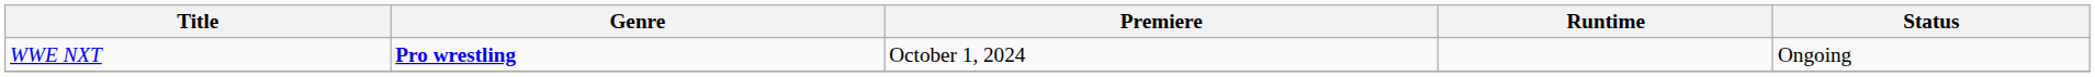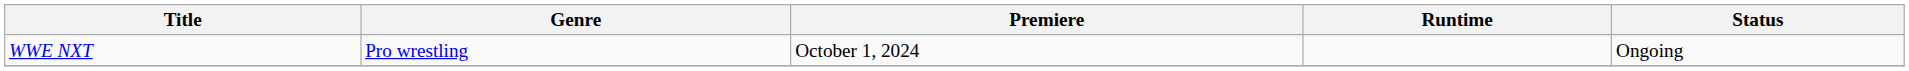 <table class="wikitable sortable" style="width:100%">
 <tr>
 <th>Title</th>
 <th>Genre</th>
 <th>Premiere</th>
 <th>Runtime</th>
 <th>Status</th>
 </tr>
 <tr>
 <td><em><a href='#'>WWE NXT</a></em></td>
-<td><strong><a href='#'>Pro wrestling</a></strong></td>
+<td><a href='#'>Pro wrestling</a></td>
 <td>October 1, 2024</td>
 <td></td>
 <td>Ongoing</td>
 </tr>
 <tr>
 </tr>
 </table>
